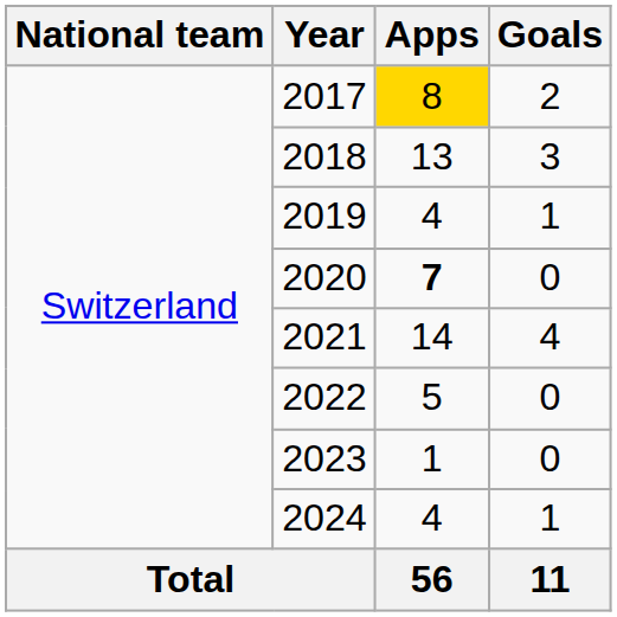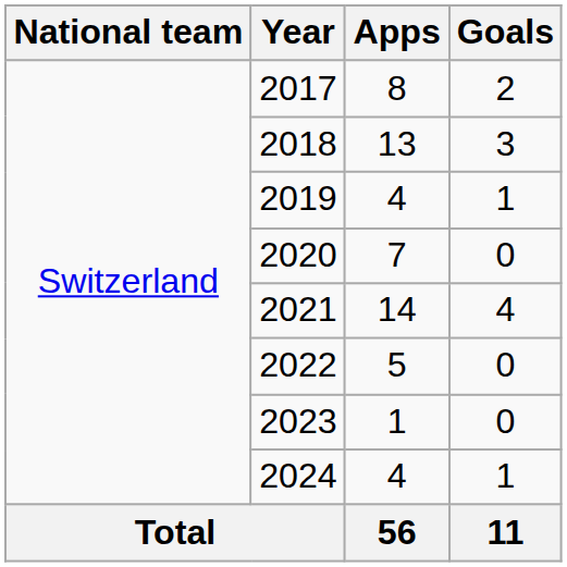 <table class="wikitable" style="text-align:center">
 <tr>
 <th>National team</th>
 <th>Year</th>
 <th>Apps</th>
 <th>Goals</th>
 </tr>
 <tr>
 <td rowspan=8><a href='#'>Switzerland</a></td>
 <td>2017</td>
-<td style="background: gold;">8</td>
+<td>8</td>
 <td>2</td>
 </tr>
 <tr>
 <td>2018</td>
 <td>13</td>
 <td>3</td>
 </tr>
 <tr>
 <td>2019</td>
 <td>4</td>
 <td>1</td>
 </tr>
 <tr>
 <td>2020</td>
-<td><strong>7</strong></td>
+<td>7</td>
 <td>0</td>
 </tr>
 <tr>
 <td>2021</td>
 <td>14</td>
 <td>4</td>
 </tr>
 <tr>
 <td>2022</td>
 <td>5</td>
 <td>0</td>
 </tr>
 <tr>
 <td>2023</td>
 <td>1</td>
 <td>0</td>
 </tr>
 <tr>
 <td>2024</td>
 <td>4</td>
 <td>1</td>
 </tr>
 <tr>
 <th colspan=2>Total</th>
 <th>56</th>
 <th>11</th>
 </tr>
 </table>
